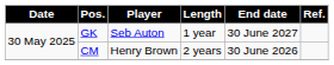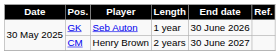 <table class="wikitable plainrowheaders sortable">
 <tr>
 <th style="background:black; color:#FFFFFF;">Date</th>
 <th style="background:black; color:#FFFFFF;">Pos.</th>
 <th style="background:black; color:#FFFFFF;">Player</th>
 <th style="background:black; color:#FFFFFF;">Length</th>
 <th style="background:black; color:#FFFFFF;">End date</th>
 <th style="background:black; color:#FFFFFF;">Ref.</th>
 </tr>
 <tr>
 <td rowspan="2">30 May 2025</td>
 <td><a href='#'>GK</a></td>
 <td> <a href='#'>Seb Auton</a></td>
 <td>1 year</td>
-<td>30 June 2027</td>
+<td>30 June 2026</td>
 <td></td>
 </tr>
 <tr>
 <td><a href='#'>CM</a></td>
 <td> Henry Brown</td>
 <td>2 years</td>
-<td>30 June 2026</td>
+<td>30 June 2027</td>
 <td></td>
 </tr>
 <tr>
 </tr>
 </table>
